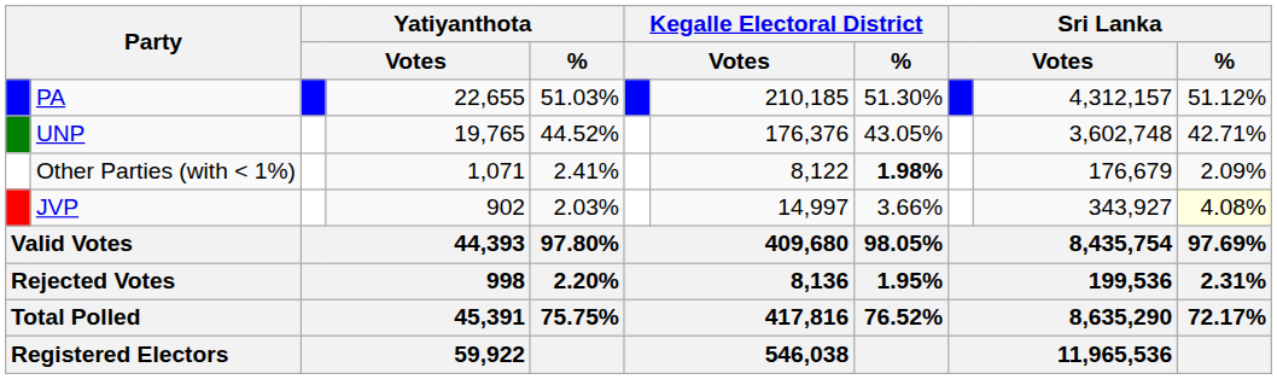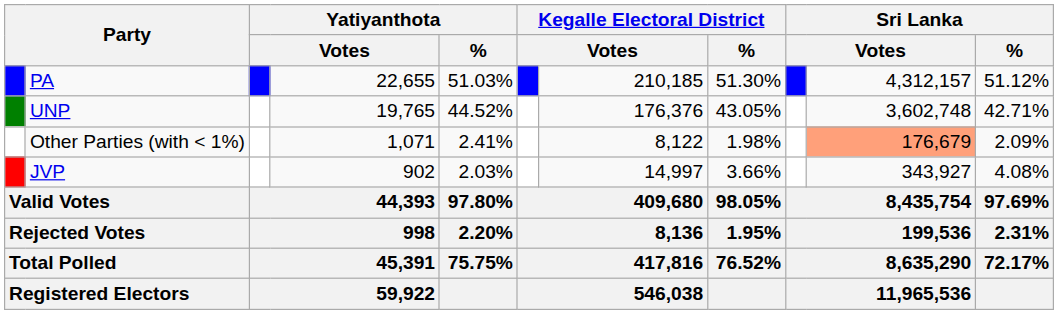 <table class="wikitable">
 <tr>
 <th colspan="2" width="144px"rowspan="2">Party</th>
 <th colspan="3" width="216px">Yatiyanthota</th>
 <th colspan="3" width="216px"><a href='#'>Kegalle Electoral District</a></th>
 <th colspan="3" width="216px">Sri Lanka</th>
 </tr>
 <tr>
 <th colspan="2" width="144px">Votes</th>
 <th>%</th>
 <th colspan="2" width="144px">Votes</th>
 <th>%</th>
 <th colspan="2" width="144px">Votes</th>
 <th>%</th>
 </tr>
 <tr>
 <td style="background-color:blue;" width="10px"></td>
 <td style="text-align:left;"><a href='#'>PA</a></td>
 <td style="background-color:blue;" width="10px"></td>
 <td style="text-align:right;">22,655</td>
 <td style="text-align:right;">51.03%</td>
 <td style="background-color:blue;" width="10px"></td>
 <td style="text-align:right;">210,185</td>
 <td style="text-align:right;">51.30%</td>
 <td style="background-color:blue;" width="10px"></td>
 <td style="text-align:right;">4,312,157</td>
 <td style="text-align:right;">51.12%</td>
 </tr>
 <tr>
 <td style="background-color:green;" width="10px"></td>
 <td style="text-align:left;"><a href='#'>UNP</a></td>
 <td style="background-color:white;" width="10px"></td>
 <td style="text-align:right;">19,765</td>
 <td style="text-align:right;">44.52%</td>
 <td style="background-color:white;" width="10px"></td>
 <td style="text-align:right;">176,376</td>
 <td style="text-align:right;">43.05%</td>
 <td style="background-color:white;" width="10px"></td>
 <td style="text-align:right;">3,602,748</td>
 <td style="text-align:right;">42.71%</td>
 </tr>
 <tr>
 <td style="background-color:white;" width="10px"></td>
 <td style="text-align:left;">Other Parties (with < 1%)</td>
 <td style="background-color:white;" width="10px"></td>
 <td style="text-align:right;">1,071</td>
 <td style="text-align:right;">2.41%</td>
 <td style="background-color:white;" width="10px"></td>
 <td style="text-align:right;">8,122</td>
-<td style="text-align:right;"><strong>1.98%</strong></td>
+<td style="text-align:right;">1.98%</td>
 <td style="background-color:white;" width="10px"></td>
-<td style="text-align:right;">176,679</td>
+<td style="background: lightsalmon; text-align:right;">176,679</td>
 <td style="text-align:right;">2.09%</td>
 </tr>
 <tr>
 <td style="background-color:red;" width="10px"></td>
 <td style="text-align:left;"><a href='#'>JVP</a></td>
 <td style="background-color:white;" width="10px"></td>
 <td style="text-align:right;">902</td>
 <td style="text-align:right;">2.03%</td>
 <td style="background-color:white;" width="10px"></td>
 <td style="text-align:right;">14,997</td>
 <td style="text-align:right;">3.66%</td>
 <td style="background-color:white;" width="10px"></td>
 <td style="text-align:right;">343,927</td>
-<td style="background: lightyellow; text-align:right;">4.08%</td>
+<td style="text-align:right;">4.08%</td>
 </tr>
 <tr>
 <th colspan="2" width="144px"style="text-align:left;">Valid Votes</th>
 <th style="text-align:right;"colspan="2" width="144px">44,393</th>
 <th style="text-align:right;">97.80%</th>
 <th style="text-align:right;"colspan="2" width="144px">409,680</th>
 <th style="text-align:right;">98.05%</th>
 <th style="text-align:right;"colspan="2" width="144px">8,435,754</th>
 <th style="text-align:right;">97.69%</th>
 </tr>
 <tr>
 <th colspan="2" width="144px"style="text-align:left;">Rejected Votes</th>
 <th style="text-align:right;"colspan="2" width="144px">998</th>
 <th style="text-align:right;">2.20%</th>
 <th style="text-align:right;"colspan="2" width="144px">8,136</th>
 <th style="text-align:right;">1.95%</th>
 <th style="text-align:right;"colspan="2" width="144px">199,536</th>
 <th style="text-align:right;">2.31%</th>
 </tr>
 <tr>
 <th colspan="2" width="144px"style="text-align:left;">Total Polled</th>
 <th style="text-align:right;"colspan="2" width="144px">45,391</th>
 <th style="text-align:right;">75.75%</th>
 <th style="text-align:right;"colspan="2" width="144px">417,816</th>
 <th style="text-align:right;">76.52%</th>
 <th style="text-align:right;"colspan="2" width="144px">8,635,290</th>
 <th style="text-align:right;">72.17%</th>
 </tr>
 <tr>
 <th colspan="2" width="144px"style="text-align:left;">Registered Electors</th>
 <th style="text-align:right;"colspan="2" width="144px">59,922</th>
 <th></th>
 <th style="text-align:right;"colspan="2" width="144px">546,038</th>
 <th></th>
 <th style="text-align:right;"colspan="2" width="144px">11,965,536</th>
 <th></th>
 </tr>
 </table>
